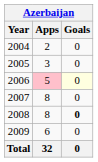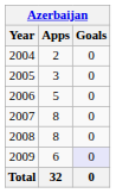 <table class="wikitable" style="text-align:center">
 <tr>
 <th colspan=3><a href='#'>Azerbaijan</a></th>
 </tr>
 <tr>
 <th>Year</th>
 <th>Apps</th>
 <th>Goals</th>
 </tr>
 <tr>
 <td>2004</td>
 <td>2</td>
 <td>0</td>
 </tr>
 <tr>
 <td>2005</td>
 <td>3</td>
 <td>0</td>
 </tr>
 <tr>
 <td>2006</td>
-<td style="background: pink;">5</td>
-<td style="background: lightyellow;">0</td>
+<td>5</td>
+<td>0</td>
 </tr>
 <tr>
 <td>2007</td>
 <td>8</td>
 <td>0</td>
 </tr>
 <tr>
 <td>2008</td>
 <td>8</td>
-<td><strong>0</strong></td>
+<td>0</td>
 </tr>
 <tr>
 <td>2009</td>
 <td>6</td>
-<td>0</td>
+<td style="background: lavender;">0</td>
 </tr>
 <tr>
 <th>Total</th>
 <th>32</th>
 <th>0</th>
 </tr>
 </table>
